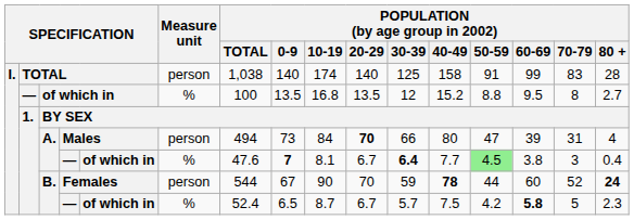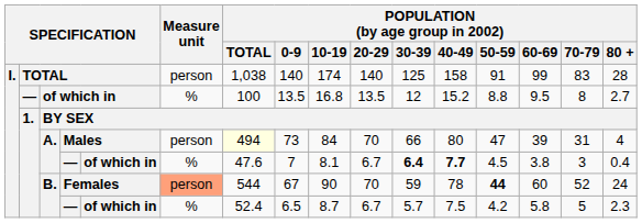 <table class="wikitable" style="font-size:85%; text-align:center">
 <tr>
 <th rowspan="2" colspan="5">SPECIFICATION</th>
 <th rowspan="2">Measure<br> unit</th>
 <th colspan="10" rowspan="1">POPULATION<br> (by age group in 2002)</th>
 </tr>
 <tr>
 <th>TOTAL</th>
 <th>0-9</th>
 <th>10-19</th>
 <th>20-29</th>
 <th>30-39</th>
 <th>40-49</th>
 <th>50-59</th>
 <th>60-69</th>
 <th>70-79</th>
 <th>80 +</th>
 </tr>
 <tr>
 <th style="text-align:left" valign="top" rowspan="7">I.</th>
 <th style="text-align:left" colspan="4">TOTAL</th>
 <td>person</td>
 <td>1,038</td>
 <td>140</td>
 <td>174</td>
 <td>140</td>
 <td>125</td>
 <td>158</td>
 <td>91</td>
 <td>99</td>
 <td>83</td>
 <td>28</td>
 </tr>
 <tr>
 <th style="text-align:left" valign="top">—</th>
 <th style="text-align:left" colspan="3">of which in</th>
 <td>%</td>
 <td>100</td>
 <td>13.5</td>
 <td>16.8</td>
 <td>13.5</td>
 <td>12</td>
 <td>15.2</td>
 <td>8.8</td>
 <td>9.5</td>
 <td>8</td>
 <td>2.7</td>
 </tr>
 <tr>
 <th style="text-align:left" valign="top" rowspan="5">1.</th>
 <th style="text-align:left" colspan="14">BY SEX</th>
 </tr>
 <tr>
 <th style="text-align:left" valign="top" rowspan="2">A.</th>
 <th style="text-align:left" colspan="2">Males</th>
 <td>person</td>
-<td>494</td>
+<td style="background: lightyellow;">494</td>
 <td>73</td>
 <td>84</td>
-<td><strong>70</strong></td>
+<td>70</td>
 <td>66</td>
 <td>80</td>
 <td>47</td>
 <td>39</td>
 <td>31</td>
 <td>4</td>
 </tr>
 <tr>
 <th style="text-align:left" valign="top">—</th>
 <th style="text-align:left" colspan="1">of which in</th>
 <td>%</td>
 <td>47.6</td>
-<td><strong>7</strong></td>
+<td>7</td>
 <td>8.1</td>
 <td>6.7</td>
 <td><strong>6.4</strong></td>
-<td>7.7</td>
-<td style="background: lightgreen;">4.5</td>
+<td><strong>7.7</strong></td>
+<td>4.5</td>
 <td>3.8</td>
 <td>3</td>
 <td>0.4</td>
 </tr>
 <tr>
 <th style="text-align:left" valign="top" rowspan="2">B.</th>
 <th style="text-align:left" colspan="2">Females</th>
-<td>person</td>
+<td style="background: lightsalmon;">person</td>
 <td>544</td>
 <td>67</td>
 <td>90</td>
 <td>70</td>
 <td>59</td>
-<td><strong>78</strong></td>
-<td>44</td>
+<td>78</td>
+<td><strong>44</strong></td>
 <td>60</td>
 <td>52</td>
-<td><strong>24</strong></td>
+<td>24</td>
 </tr>
 <tr>
 <th style="text-align:left" valign="top">—</th>
 <th style="text-align:left" colspan="1">of which in</th>
 <td>%</td>
 <td>52.4</td>
 <td>6.5</td>
 <td>8.7</td>
 <td>6.7</td>
 <td>5.7</td>
 <td>7.5</td>
 <td>4.2</td>
-<td><strong>5.8</strong></td>
+<td>5.8</td>
 <td>5</td>
 <td>2.3</td>
 </tr>
 </table>
